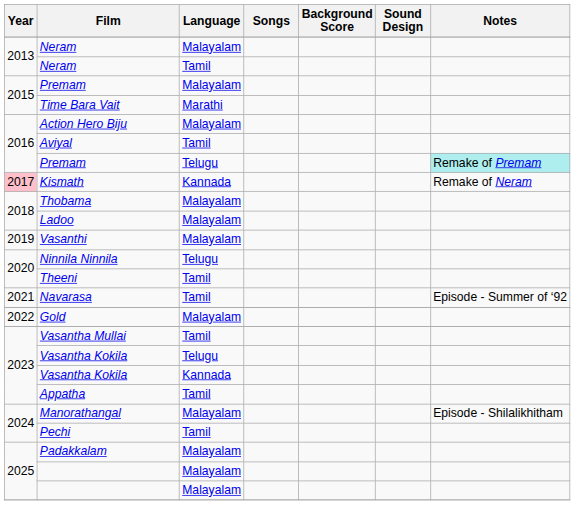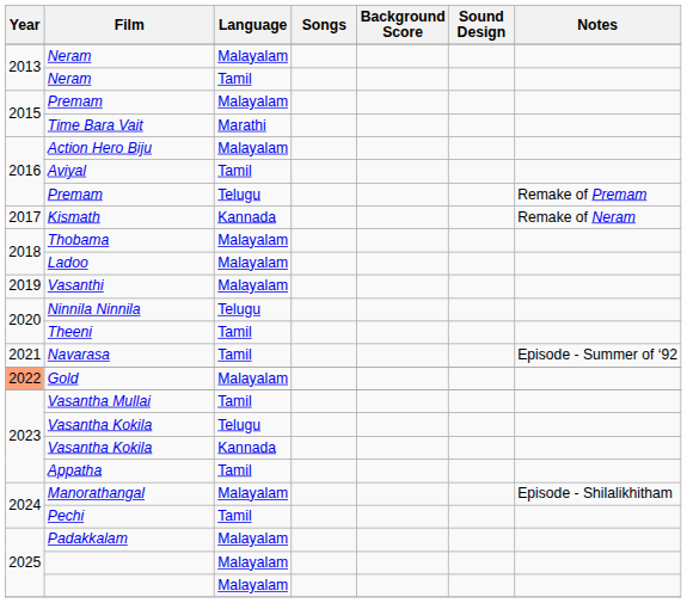 <table class="wikitable">
 <tr>
 <th width=30>Year</th>
 <th width=180>Film</th>
 <th width=70>Language</th>
 <th width=65>Songs</th>
 <th width=65>Background Score</th>
 <th width=65>Sound Design</th>
 <th>Notes</th>
 </tr>
 <tr align="center">
 </tr>
 <tr>
 <td rowspan="2">2013</td>
 <td><em><a href='#'>Neram</a></em></td>
 <td><a href='#'>Malayalam</a></td>
 <td></td>
 <td></td>
 <td></td>
 <td></td>
 </tr>
 <tr>
 <td><em><a href='#'>Neram</a></em></td>
 <td><a href='#'>Tamil</a></td>
 <td></td>
 <td></td>
 <td></td>
 <td></td>
 </tr>
 <tr>
 <td rowspan="2">2015</td>
 <td><em><a href='#'>Premam</a></em></td>
 <td><a href='#'>Malayalam</a></td>
 <td></td>
 <td></td>
 <td></td>
 <td></td>
 </tr>
 <tr>
 <td><em><a href='#'>Time Bara Vait</a></em></td>
 <td><a href='#'>Marathi</a></td>
 <td></td>
 <td></td>
 <td></td>
 <td></td>
 </tr>
 <tr>
 <td rowspan="3">2016</td>
 <td><em><a href='#'>Action Hero Biju</a></em></td>
 <td><a href='#'>Malayalam</a></td>
 <td></td>
 <td></td>
 <td></td>
 <td></td>
 </tr>
 <tr>
 <td><em><a href='#'>Aviyal</a></em></td>
 <td><a href='#'>Tamil</a></td>
 <td></td>
 <td></td>
 <td></td>
 <td></td>
 </tr>
 <tr>
 <td><em><a href='#'>Premam</a></em></td>
 <td><a href='#'>Telugu</a></td>
 <td></td>
 <td></td>
 <td></td>
-<td style="background: paleturquoise;">Remake of <em><a href='#'>Premam</a></em></td>
+<td>Remake of <em><a href='#'>Premam</a></em></td>
 </tr>
 <tr>
-<td rowspan="1" style="background: pink;">2017</td>
+<td rowspan="1">2017</td>
 <td><em><a href='#'>Kismath</a></em></td>
 <td><a href='#'>Kannada</a></td>
 <td></td>
 <td></td>
 <td></td>
 <td>Remake of <em><a href='#'>Neram</a></em></td>
 </tr>
 <tr>
 <td rowspan="2">2018</td>
 <td><em><a href='#'>Thobama</a></em></td>
 <td><a href='#'>Malayalam</a></td>
 <td></td>
 <td></td>
 <td></td>
 <td></td>
 </tr>
 <tr>
 <td><em><a href='#'>Ladoo</a></em></td>
 <td><a href='#'>Malayalam</a></td>
 <td></td>
 <td></td>
 <td></td>
 <td></td>
 </tr>
 <tr>
 <td>2019</td>
 <td><em><a href='#'>Vasanthi</a></em></td>
 <td><a href='#'>Malayalam</a></td>
 <td></td>
 <td></td>
 <td></td>
 <td></td>
 </tr>
 <tr>
 <td rowspan="2">2020</td>
 <td><em><a href='#'>Ninnila Ninnila</a></em></td>
 <td><a href='#'>Telugu</a></td>
 <td></td>
 <td></td>
 <td></td>
 <td></td>
 </tr>
 <tr>
 <td><em><a href='#'>Theeni</a></em></td>
 <td><a href='#'>Tamil</a></td>
 <td></td>
 <td></td>
 <td></td>
 <td></td>
 </tr>
 <tr>
 <td rowspan="1">2021</td>
 <td><em><a href='#'>Navarasa</a></em></td>
 <td><a href='#'>Tamil</a></td>
 <td></td>
 <td></td>
 <td></td>
 <td>Episode - Summer of ‘92</td>
 </tr>
 <tr>
 </tr>
 <tr>
-<td rowspan="1">2022</td>
+<td rowspan="1" style="background: lightsalmon;">2022</td>
 <td><em><a href='#'>Gold</a></em></td>
 <td><a href='#'>Malayalam</a></td>
 <td></td>
 <td></td>
 <td></td>
 <td></td>
 </tr>
 <tr>
 </tr>
 <tr>
 <td rowspan="4">2023</td>
 <td><em><a href='#'>Vasantha Mullai</a></em></td>
 <td><a href='#'>Tamil</a></td>
 <td></td>
 <td></td>
 <td></td>
 <td></td>
 </tr>
 <tr>
 <td><em><a href='#'>Vasantha Kokila</a></em></td>
 <td><a href='#'>Telugu</a></td>
 <td></td>
 <td></td>
 <td></td>
 <td></td>
 </tr>
 <tr>
 <td><em><a href='#'>Vasantha Kokila</a></em></td>
 <td><a href='#'>Kannada</a></td>
 <td></td>
 <td></td>
 <td></td>
 <td></td>
 </tr>
 <tr>
 <td><em><a href='#'>Appatha</a></em></td>
 <td><a href='#'>Tamil</a></td>
 <td></td>
 <td></td>
 <td></td>
 <td></td>
 </tr>
 <tr>
 <td rowspan="2">2024</td>
 <td><em><a href='#'>Manorathangal</a></em></td>
 <td><a href='#'>Malayalam</a></td>
 <td></td>
 <td></td>
 <td></td>
 <td>Episode - Shilalikhitham</td>
 </tr>
 <tr>
 <td><em><a href='#'>Pechi</a></em></td>
 <td><a href='#'>Tamil</a></td>
 <td></td>
 <td></td>
 <td></td>
 <td></td>
 </tr>
 <tr>
 <td rowspan=3>2025</td>
 <td><em><a href='#'>Padakkalam</a></em></td>
 <td><a href='#'>Malayalam</a></td>
 <td></td>
 <td></td>
 <td></td>
 <td></td>
 </tr>
 <tr>
 <td></td>
 <td><a href='#'>Malayalam</a></td>
 <td></td>
 <td></td>
 <td></td>
 <td></td>
 </tr>
 <tr>
 <td></td>
 <td><a href='#'>Malayalam</a></td>
 <td></td>
 <td></td>
 <td></td>
 <td></td>
 </tr>
 <tr>
 </tr>
 </table>
